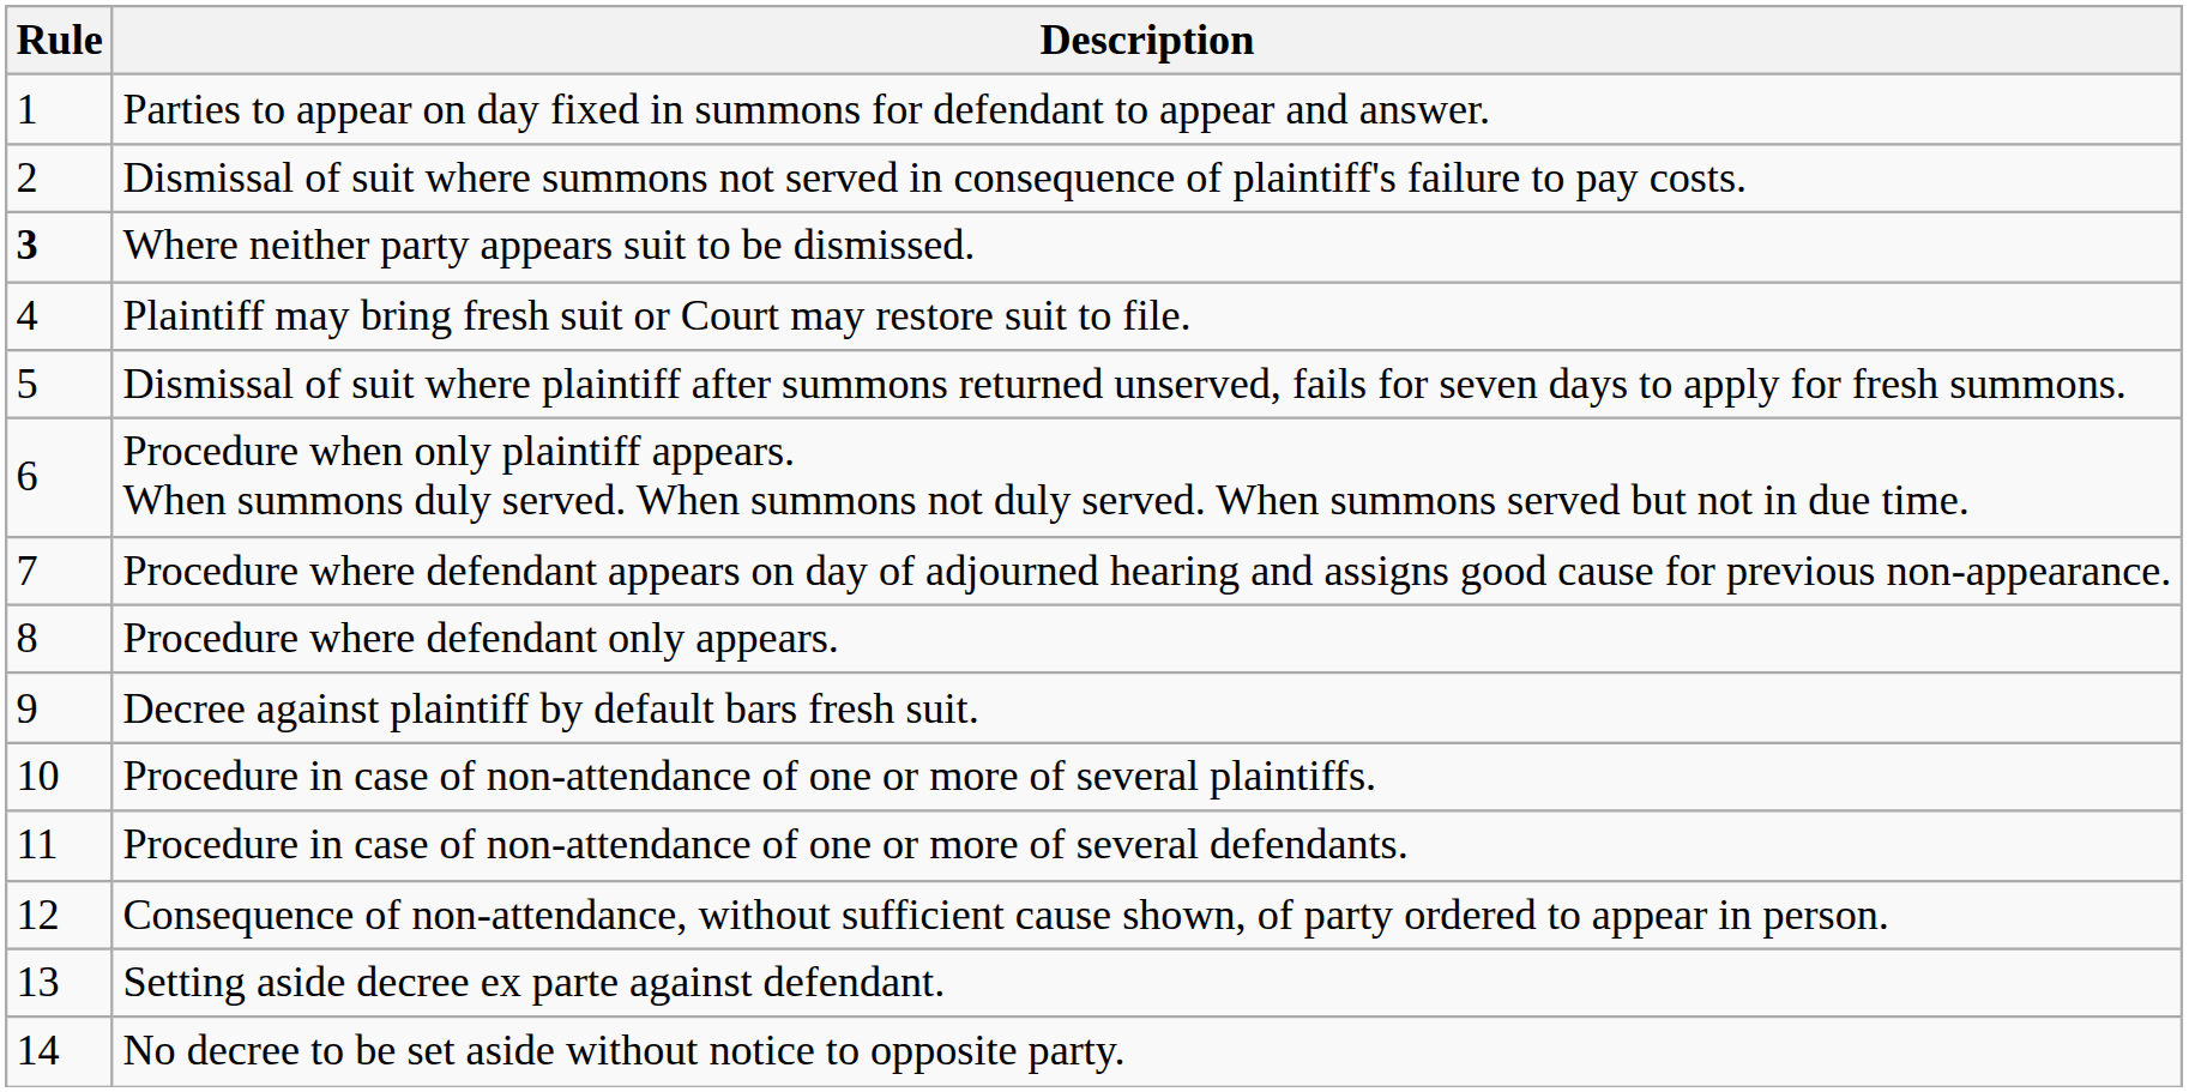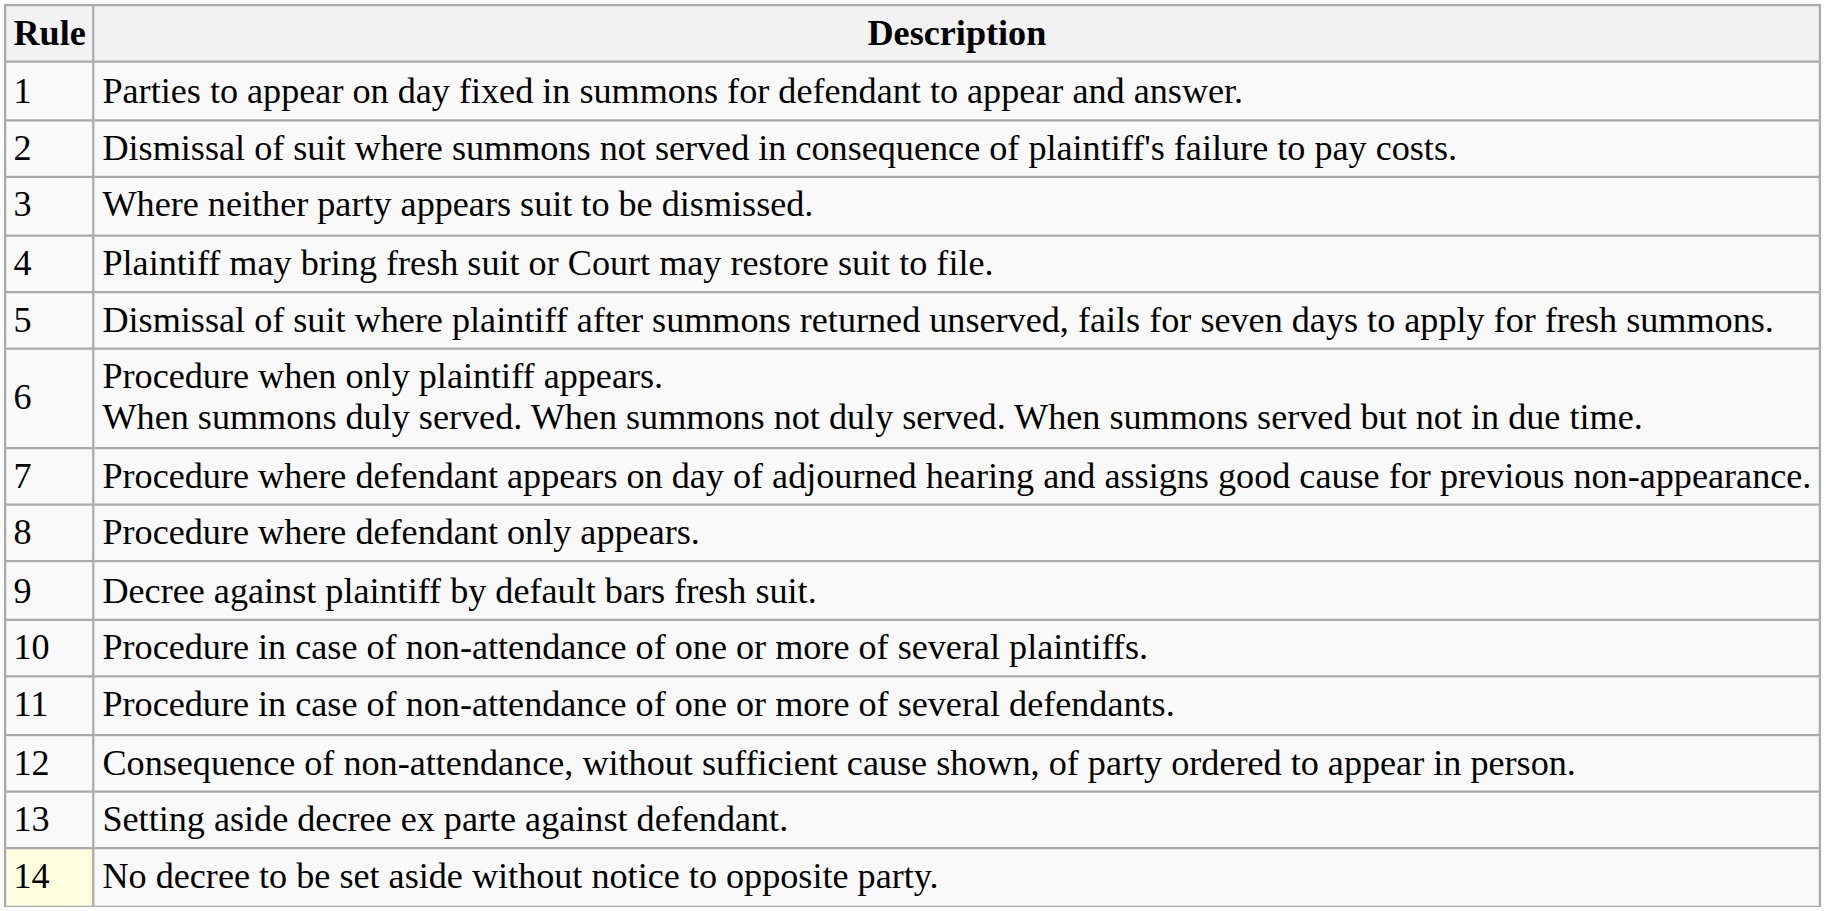 <table class="wikitable">
 <tr>
 <th>Rule</th>
 <th>Description</th>
 </tr>
 <tr>
 <td>1</td>
 <td>Parties to appear on day fixed in summons for defendant to appear and answer.</td>
 </tr>
 <tr>
 <td>2</td>
 <td>Dismissal of suit where summons not served in consequence of plaintiff's failure to pay costs.</td>
 </tr>
 <tr>
-<td><strong>3</strong></td>
+<td>3</td>
 <td>Where neither party appears suit to be dismissed.</td>
 </tr>
 <tr>
 <td>4</td>
 <td>Plaintiff may bring fresh suit or Court may restore suit to file.</td>
 </tr>
 <tr>
 <td>5</td>
 <td>Dismissal of suit where plaintiff after summons returned unserved, fails for seven days to apply for fresh summons.</td>
 </tr>
 <tr>
 <td>6</td>
 <td>Procedure when only plaintiff appears.<br>When summons duly served. When summons not duly served. When summons served but not in due time.</td>
 </tr>
 <tr>
 <td>7</td>
 <td>Procedure where defendant appears on day of adjourned hearing and assigns good cause for previous non-appearance.</td>
 </tr>
 <tr>
 <td>8</td>
 <td>Procedure where defendant only appears.</td>
 </tr>
 <tr>
 <td>9</td>
 <td>Decree against plaintiff by default bars fresh suit.</td>
 </tr>
 <tr>
 <td>10</td>
 <td>Procedure in case of non-attendance of one or more of several plaintiffs.</td>
 </tr>
 <tr>
 <td>11</td>
 <td>Procedure in case of non-attendance of one or more of several defendants.</td>
 </tr>
 <tr>
 <td>12</td>
 <td>Consequence of non-attendance, without sufficient cause shown, of party ordered to appear in person.</td>
 </tr>
 <tr>
 <td>13</td>
 <td>Setting aside decree ex parte against defendant.</td>
 </tr>
 <tr>
-<td>14</td>
+<td style="background: lightyellow;">14</td>
 <td>No decree to be set aside without notice to opposite party.</td>
 </tr>
 </table>
